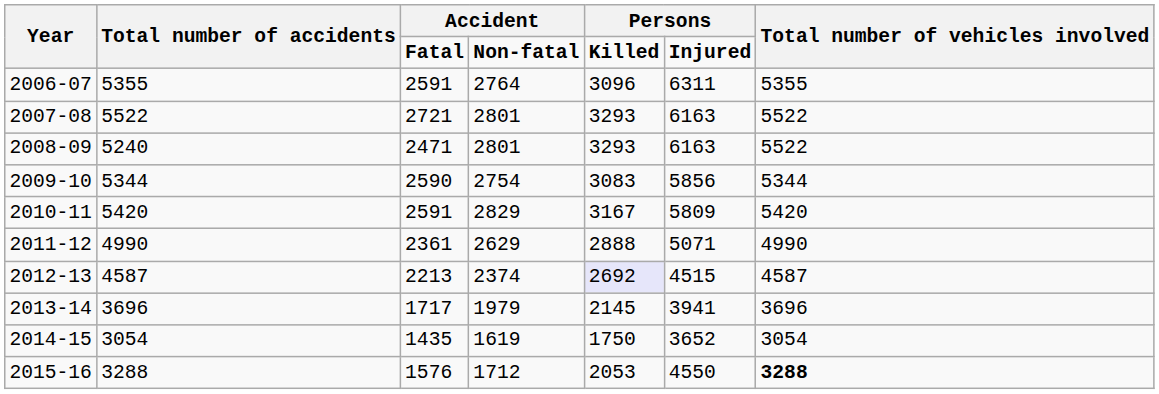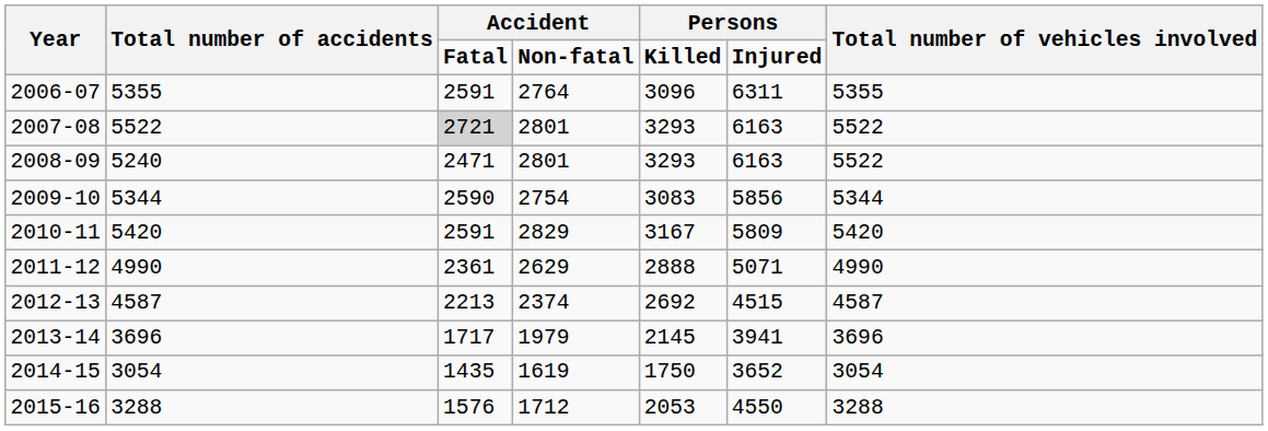 <table class="wikitable">
 <tr>
 <th rowspan="2">Year</th>
 <th rowspan="2">Total number of accidents</th>
 <th colspan="2">Accident</th>
 <th colspan="2">Persons</th>
 <th rowspan="2">Total number of vehicles involved</th>
 </tr>
 <tr>
 <td><strong>Fatal</strong></td>
 <td><strong>Non-fatal</strong></td>
 <td><strong>Killed</strong></td>
 <td><strong>Injured</strong></td>
 </tr>
 <tr>
 <td>2006-07</td>
 <td>5355</td>
 <td>2591</td>
 <td>2764</td>
 <td>3096</td>
 <td>6311</td>
 <td>5355</td>
 </tr>
 <tr>
 <td>2007-08</td>
 <td>5522</td>
-<td>2721</td>
+<td style="background: lightgrey;">2721</td>
 <td>2801</td>
 <td>3293</td>
 <td>6163</td>
 <td>5522</td>
 </tr>
 <tr>
 <td>2008-09</td>
 <td>5240</td>
 <td>2471</td>
 <td>2801</td>
 <td>3293</td>
 <td>6163</td>
 <td>5522</td>
 </tr>
 <tr>
 <td>2009-10</td>
 <td>5344</td>
 <td>2590</td>
 <td>2754</td>
 <td>3083</td>
 <td>5856</td>
 <td>5344</td>
 </tr>
 <tr>
 <td>2010-11</td>
 <td>5420</td>
 <td>2591</td>
 <td>2829</td>
 <td>3167</td>
 <td>5809</td>
 <td>5420</td>
 </tr>
 <tr>
 <td>2011-12</td>
 <td>4990</td>
 <td>2361</td>
 <td>2629</td>
 <td>2888</td>
 <td>5071</td>
 <td>4990</td>
 </tr>
 <tr>
 <td>2012-13</td>
 <td>4587</td>
 <td>2213</td>
 <td>2374</td>
-<td style="background: lavender;">2692</td>
+<td>2692</td>
 <td>4515</td>
 <td>4587</td>
 </tr>
 <tr>
 <td>2013-14</td>
 <td>3696</td>
 <td>1717</td>
 <td>1979</td>
 <td>2145</td>
 <td>3941</td>
 <td>3696</td>
 </tr>
 <tr>
 <td>2014-15</td>
 <td>3054</td>
 <td>1435</td>
 <td>1619</td>
 <td>1750</td>
 <td>3652</td>
 <td>3054</td>
 </tr>
 <tr>
 <td>2015-16</td>
 <td>3288</td>
 <td>1576</td>
 <td>1712</td>
 <td>2053</td>
 <td>4550</td>
-<td><strong>3288</strong></td>
+<td>3288</td>
 </tr>
 </table>
